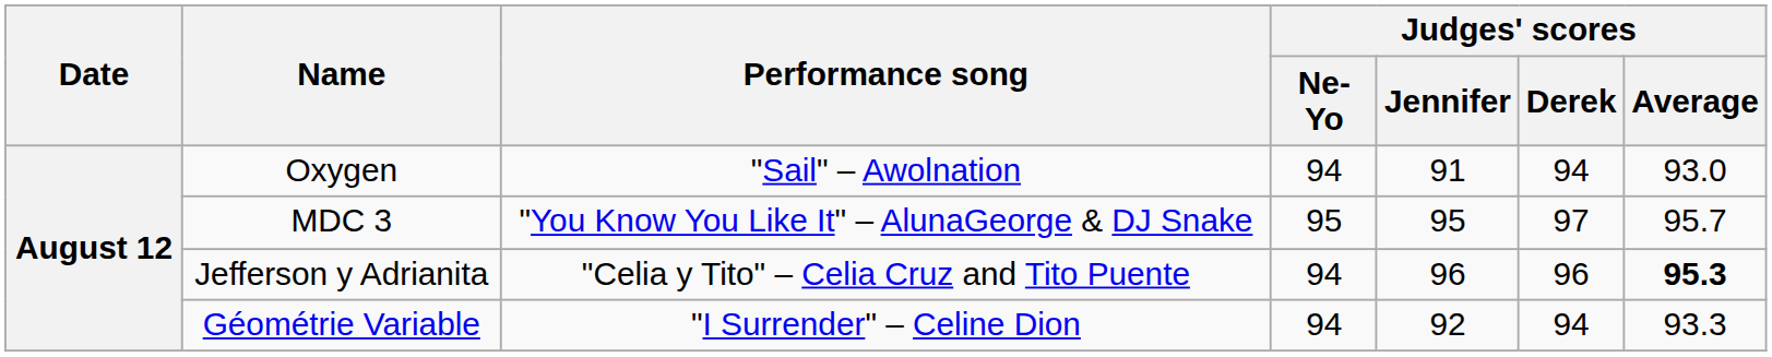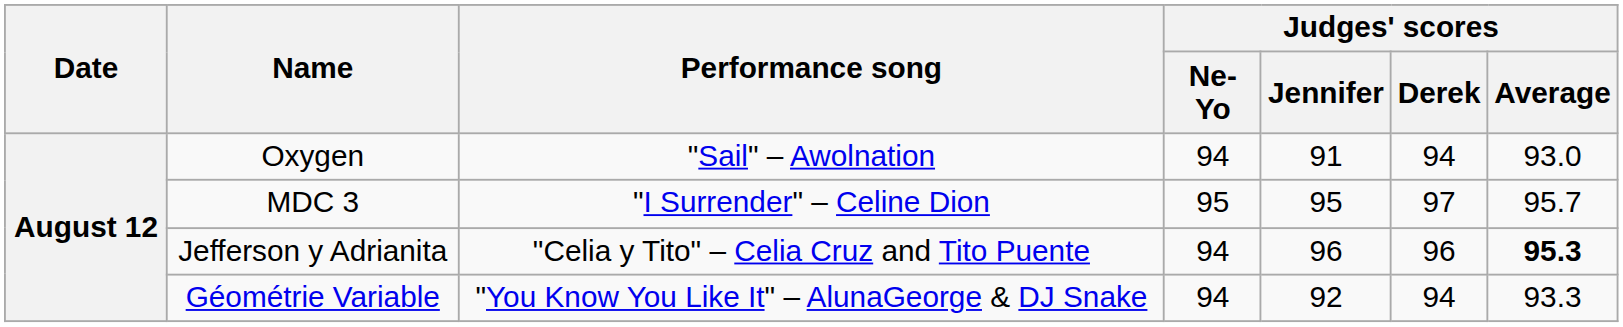 <table class="wikitable sortable" style="text-align:center;">
 <tr>
 <th scope="col" rowspan="2">Date</th>
 <th scope="col" rowspan="2" class="unsortable">Name</th>
 <th scope="col" rowspan="2" class="unsortable">Performance song</th>
 <th scope="col" colspan="4">Judges' scores</th>
 </tr>
 <tr>
 <th style="width:06%;">Ne-Yo</th>
 <th style="width:06%;">Jennifer</th>
 <th style="width:06%;">Derek</th>
 <th style="width:06%;">Average</th>
 </tr>
 <tr>
 <th scope="row" rowspan="5">August 12</th>
 <td>Oxygen</td>
 <td>"<a href='#'>Sail</a>" – <a href='#'>Awolnation</a></td>
 <td>94</td>
 <td>91</td>
 <td>94</td>
 <td>93.0</td>
 </tr>
 <tr>
 <td>MDC 3</td>
-<td>"<a href='#'>You Know You Like It</a>" – <a href='#'>AlunaGeorge</a> & <a href='#'>DJ Snake</a></td>
+<td>"<a href='#'>I Surrender</a>" – <a href='#'>Celine Dion</a></td>
 <td>95</td>
 <td>95</td>
 <td>97</td>
 <td>95.7</td>
 </tr>
 <tr>
 <td>Jefferson y Adrianita</td>
 <td>"Celia y Tito" – <a href='#'>Celia Cruz</a> and <a href='#'>Tito Puente</a></td>
 <td>94</td>
 <td>96</td>
 <td>96</td>
 <td><strong>95.3</strong></td>
 </tr>
 <tr>
 <td><a href='#'>Géométrie Variable</a></td>
-<td>"<a href='#'>I Surrender</a>" – <a href='#'>Celine Dion</a></td>
+<td>"<a href='#'>You Know You Like It</a>" – <a href='#'>AlunaGeorge</a> & <a href='#'>DJ Snake</a></td>
 <td>94</td>
 <td>92</td>
 <td>94</td>
 <td>93.3</td>
 </tr>
 </table>
